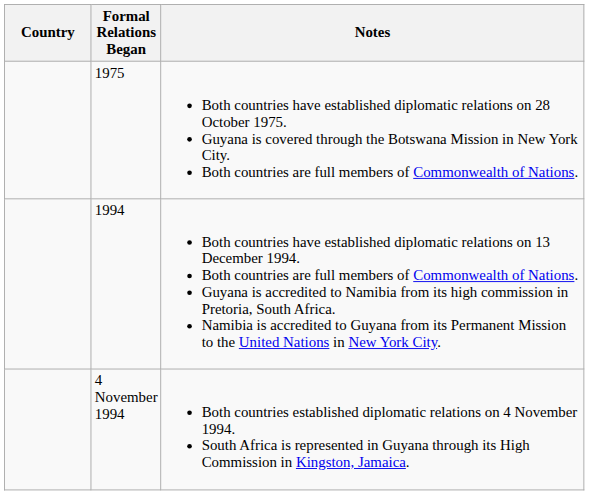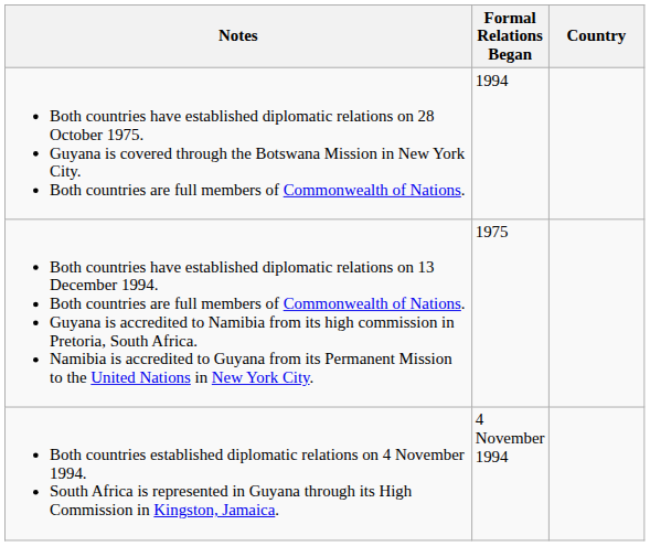 <table class="wikitable sortable" style="width:100%; margin:auto;">
 <tr>
+<th>Notes</th>
+<th style="width:12%;">Formal Relations Began</th>
 <th style="width:15%;">Country</th>
-<th style="width:12%;">Formal Relations Began</th>
-<th>Notes</th>
 </tr>
 <tr valign="top">
+<td><br><ul><li>Both countries have established diplomatic relations on 28 October 1975.</li><li>Guyana is covered through the Botswana Mission in New York City.</li><li>Both countries are full members of <a href='#'>Commonwealth of Nations</a>.</li></ul></td>
+<td>1994</td>
 <td></td>
-<td>1975</td>
-<td><br><ul><li>Both countries have established diplomatic relations on 28 October 1975.</li><li>Guyana is covered through the Botswana Mission in New York City.</li><li>Both countries are full members of <a href='#'>Commonwealth of Nations</a>.</li></ul></td>
 </tr>
 <tr valign="top">
+<td><br><ul><li>Both countries have established diplomatic relations on 13 December 1994.</li><li>Both countries are full members of <a href='#'>Commonwealth of Nations</a>.</li><li>Guyana is accredited to Namibia from its high commission in Pretoria, South Africa.</li><li>Namibia is accredited to Guyana from its Permanent Mission to the <a href='#'>United Nations</a> in <a href='#'>New York City</a>.</li></ul></td>
+<td>1975</td>
 <td></td>
-<td>1994</td>
-<td><br><ul><li>Both countries have established diplomatic relations on 13 December 1994.</li><li>Both countries are full members of <a href='#'>Commonwealth of Nations</a>.</li><li>Guyana is accredited to Namibia from its high commission in Pretoria, South Africa.</li><li>Namibia is accredited to Guyana from its Permanent Mission to the <a href='#'>United Nations</a> in <a href='#'>New York City</a>.</li></ul></td>
 </tr>
 <tr valign="top">
+<td><br><ul><li>Both countries established diplomatic relations on 4 November 1994.</li><li>South Africa is represented in Guyana through its High Commission in <a href='#'>Kingston, Jamaica</a>.</li></ul></td>
+<td>4 November 1994</td>
 <td></td>
-<td>4 November 1994</td>
-<td><br><ul><li>Both countries established diplomatic relations on 4 November 1994.</li><li>South Africa is represented in Guyana through its High Commission in <a href='#'>Kingston, Jamaica</a>.</li></ul></td>
 </tr>
 </table>
